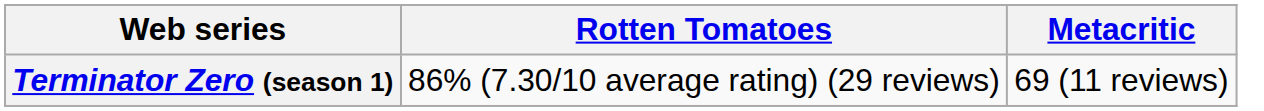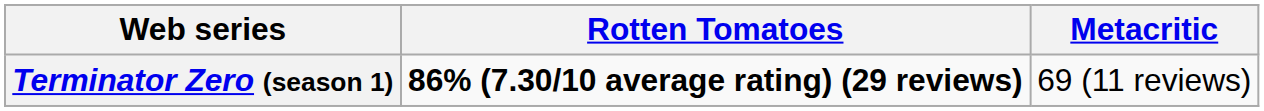 <table class="wikitable plainrowheaders" style="text-align:center;">
 <tr>
 <th>Web series</th>
 <th><a href='#'>Rotten Tomatoes</a></th>
 <th><a href='#'>Metacritic</a></th>
 </tr>
 <tr>
 <th scope="row"><em><a href='#'>Terminator Zero</a></em> <small>(season 1)</small></th>
-<td>86% (7.30/10 average rating) (29 reviews)</td>
+<td><strong>86% (7.30/10 average rating) (29 reviews)</strong></td>
 <td>69 (11 reviews)</td>
 </tr>
 </table>
